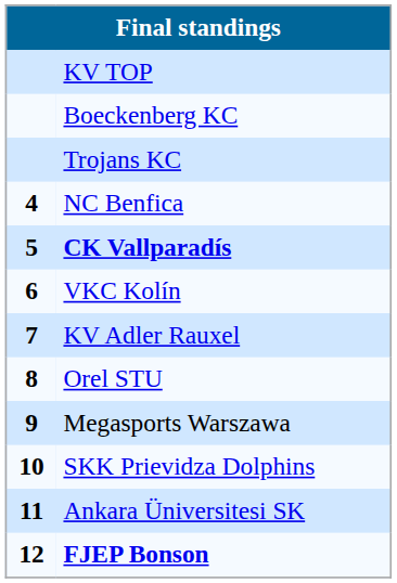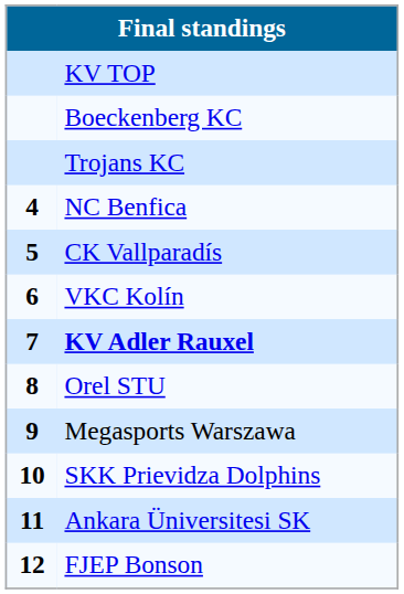 <table align=center cellpadding="4" cellspacing="0" style="background: #D0E7FF; border: 1px #aaa solid; border-collapse: collapse; font-size: 90%;" width=220>
 <tr align=center bgcolor=#006699 style="color:white;">
 <th width=100% colspan=2>Final standings</th>
 </tr>
 <tr align=center bgcolor=#D0E7FF>
 <td></td>
 <td align=left> <a href='#'>KV TOP</a></td>
 </tr>
 <tr align=center bgcolor=#F5FAFF>
 <td></td>
 <td align=left> <a href='#'>Boeckenberg KC</a></td>
 </tr>
 <tr align=center bgcolor=#D0E7FF>
 <td></td>
 <td align=left> <a href='#'>Trojans KC</a></td>
 </tr>
 <tr align=center bgcolor=#F5FAFF>
 <td><strong>4</strong></td>
 <td align=left> <a href='#'>NC Benfica</a></td>
 </tr>
 <tr align=center bgcolor=#D0E7FF>
 <td><strong>5</strong></td>
-<td align=left><strong> <a href='#'>CK Vallparadís</a></strong></td>
+<td align=left> <a href='#'>CK Vallparadís</a></td>
 </tr>
 <tr align=center bgcolor=#F5FAFF>
 <td><strong>6</strong></td>
 <td align=left> <a href='#'>VKC Kolín</a></td>
 </tr>
 <tr align=center bgcolor=#D0E7FF>
 <td><strong>7</strong></td>
-<td align=left> <a href='#'>KV Adler Rauxel</a></td>
+<td align=left><strong> <a href='#'>KV Adler Rauxel</a></strong></td>
 </tr>
 <tr align=center bgcolor=#F5FAFF>
 <td><strong>8</strong></td>
 <td align=left> <a href='#'>Orel STU</a></td>
 </tr>
 <tr align=center bgcolor=#D0E7FF>
 <td><strong>9</strong></td>
 <td align=left> Megasports Warszawa</td>
 </tr>
 <tr align=center bgcolor=#F5FAFF>
 <td><strong>10</strong></td>
 <td align=left> <a href='#'>SKK Prievidza Dolphins</a></td>
 </tr>
 <tr align=center bgcolor=#D0E7FF>
 <td><strong>11</strong></td>
 <td align=left> <a href='#'>Ankara Üniversitesi SK</a></td>
 </tr>
 <tr align=center bgcolor=#F5FAFF>
 <td><strong>12</strong></td>
-<td align=left><strong> <a href='#'>FJEP Bonson</a></strong></td>
+<td align=left> <a href='#'>FJEP Bonson</a></td>
 </tr>
 </table>
